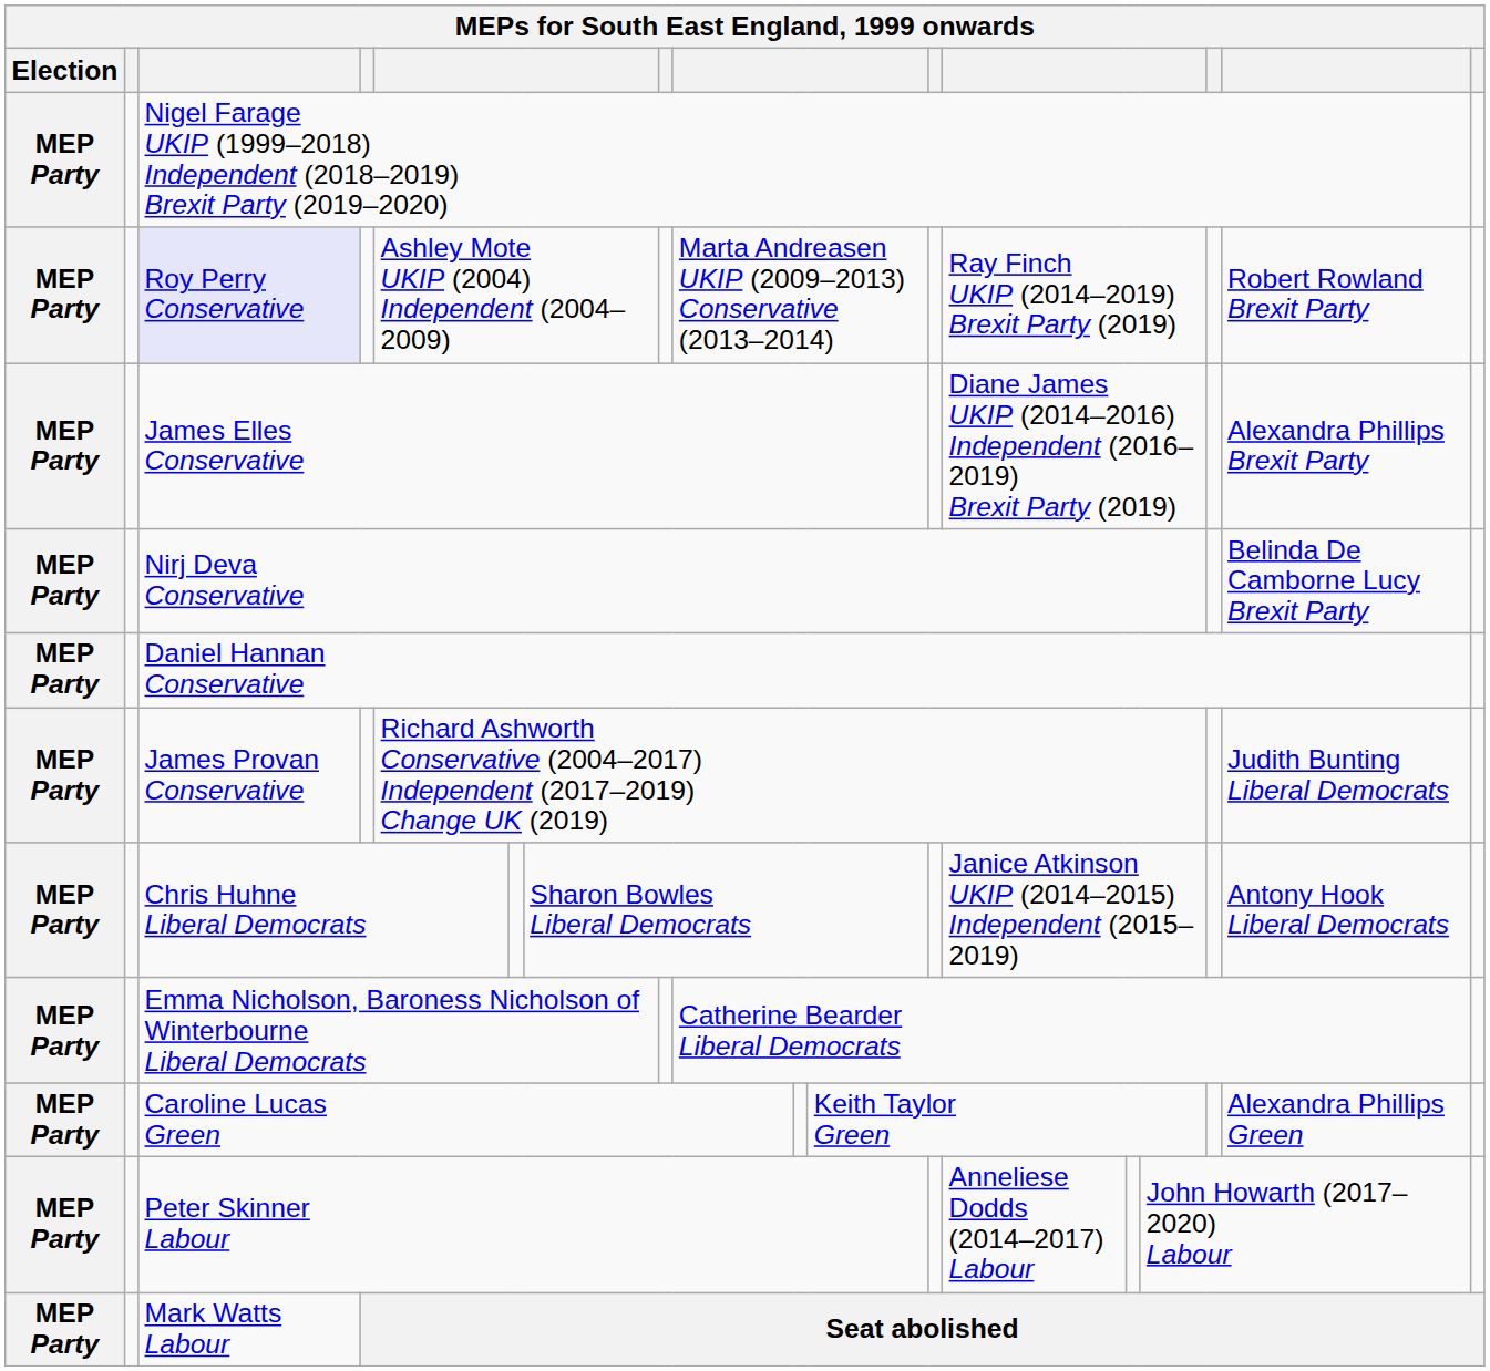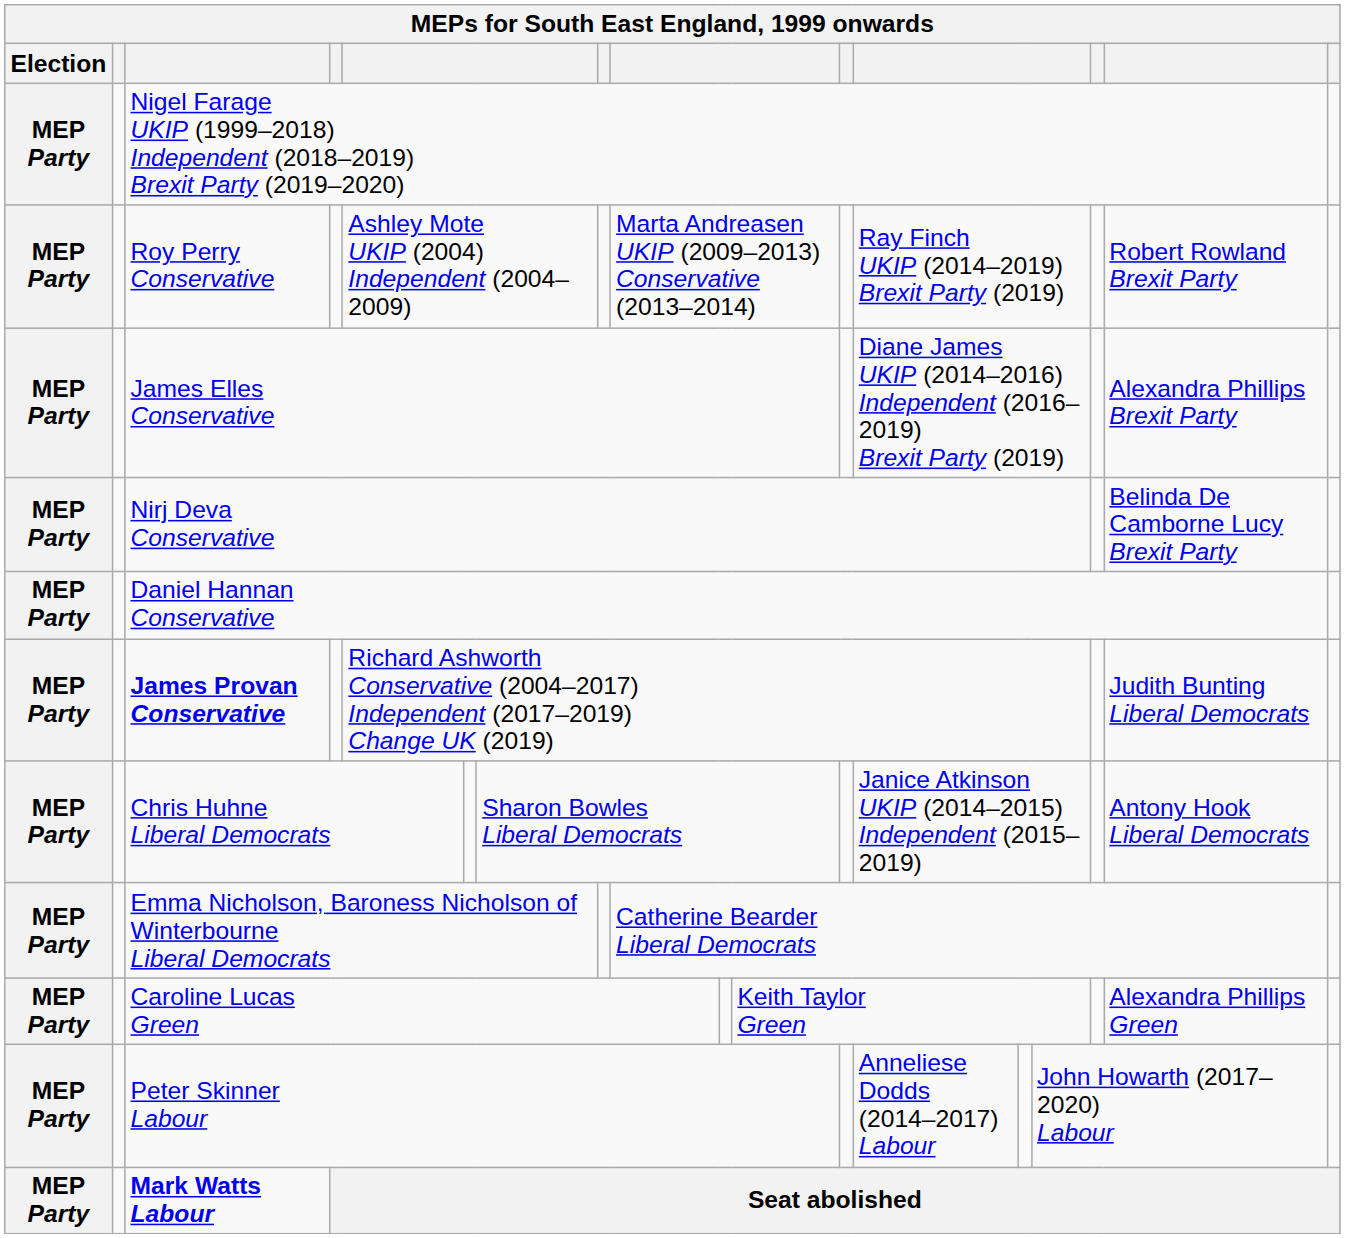 <table class="wikitable">
 <tr>
 <th colspan = 18>MEPs for South East England, 1999 onwards</th>
 </tr>
 <tr>
 <th>Election</th>
 <th style="width:1px;"></th>
 <th></th>
 <th style="width:1px;"></th>
 <th colspan="3"></th>
 <th style="width:1px;"></th>
 <th colspan="3"></th>
 <th style="width:1px;"></th>
 <th colspan="3"></th>
 <th style="width:1px;"></th>
 <th colspan="1"></th>
 <th style="width:1px;"></th>
 </tr>
 <tr>
 <th>MEP<br><em>Party</em></th>
 <td width=1px style="background-color: "></td>
 <td colspan = 15><a href='#'>Nigel Farage</a><br><em><a href='#'>UKIP</a></em> (1999–2018)<br> <em><a href='#'>Independent</a></em> (2018–2019)<br><em><a href='#'>Brexit Party</a></em> (2019–2020)</td>
 <td width=1px style="background-color: "></td>
 </tr>
 <tr>
 <th>MEP<br><em>Party</em></th>
 <td width=1px style="background-color: "></td>
-<td style="background: lavender;"><a href='#'>Roy Perry</a><br><em><a href='#'>Conservative</a></em></td>
+<td><a href='#'>Roy Perry</a><br><em><a href='#'>Conservative</a></em></td>
 <td width=1px style="background-color: "></td>
 <td colspan=3><a href='#'>Ashley Mote</a><br><em><a href='#'>UKIP</a></em> (2004) <br><em><a href='#'>Independent</a></em> (2004–2009)</td>
 <td width=1px style="background-color: "></td>
 <td colspan = 3><a href='#'>Marta Andreasen</a><br> <em><a href='#'>UKIP</a></em> (2009–2013) <br> <em><a href='#'>Conservative</a></em> (2013–2014)</td>
 <td width=1px style="background-color: "></td>
 <td colspan = 3><a href='#'>Ray Finch</a><br><em><a href='#'>UKIP</a></em> (2014–2019)<em><br><a href='#'>Brexit Party</a></em> (2019)</td>
 <td width=1px style="background-color: "></td>
 <td><a href='#'>Robert Rowland</a><br><em><a href='#'>Brexit Party</a></em></td>
 <td width=1px style="background-color: "></td>
 </tr>
 <tr>
 <th>MEP<br><em>Party</em></th>
 <td width=1px style="background-color: "></td>
 <td colspan = 9><a href='#'>James Elles</a><br><em><a href='#'>Conservative</a></em></td>
 <td width=1px style="background-color: "></td>
 <td colspan = 3><a href='#'>Diane James</a><br><em><a href='#'>UKIP</a></em> (2014–2016) <br> <em><a href='#'>Independent</a></em> (2016–2019)<br><em><a href='#'>Brexit Party</a></em> (2019)</td>
 <td width=1px style="background-color: "></td>
 <td><a href='#'>Alexandra Phillips</a><br><em><a href='#'>Brexit Party</a></em></td>
 <td width=1px style="background-color: "></td>
 </tr>
 <tr>
 <th>MEP<br><em>Party</em></th>
 <td width=1px style="background-color: "></td>
 <td colspan = 13><a href='#'>Nirj Deva</a><br><em><a href='#'>Conservative</a></em></td>
 <td width=1px style="background-color: "></td>
 <td><a href='#'>Belinda De Camborne Lucy</a><br><em><a href='#'>Brexit Party</a></em></td>
 <td width=1px style="background-color: "></td>
 </tr>
 <tr>
 <th>MEP<br><em>Party</em></th>
 <td width=1px style="background-color: "></td>
 <td colspan = 15><a href='#'>Daniel Hannan</a><br><em><a href='#'>Conservative</a></em></td>
 <td width=1px style="background-color: "></td>
 </tr>
 <tr>
 <th>MEP<br><em>Party</em></th>
 <td width=1px style="background-color: "></td>
-<td><a href='#'>James Provan</a><br><em><a href='#'>Conservative</a></em></td>
+<td><strong><a href='#'>James Provan</a><br><em><a href='#'>Conservative</a></em></strong></td>
 <td width=1px style="background-color: "></td>
 <td colspan = 11><a href='#'>Richard Ashworth</a><br><em><a href='#'>Conservative</a></em> (2004–2017) <br> <em><a href='#'>Independent</a></em> (2017–2019)<br><em><a href='#'>Change UK</a></em> (2019)</td>
 <td width=1px style="background-color: "></td>
 <td><a href='#'>Judith Bunting</a><br><em><a href='#'>Liberal Democrats</a></em></td>
 <td width=1px style="background-color: "></td>
 </tr>
 <tr>
 <th>MEP<br><em>Party</em></th>
 <td width=1px style="background-color: "></td>
 <td colspan = 3><a href='#'>Chris Huhne</a><br><em><a href='#'>Liberal Democrats</a></em></td>
 <td width=1px style="background-color: "></td>
 <td colspan = 5><a href='#'>Sharon Bowles</a><br><em><a href='#'>Liberal Democrats</a></em></td>
 <td width=1px style="background-color: "></td>
 <td colspan = 3><a href='#'>Janice Atkinson</a><br><em><a href='#'>UKIP</a></em> (2014–2015) <br> <em><a href='#'>Independent</a></em> (2015–2019)</td>
 <td width=1px style="background-color: "></td>
 <td><a href='#'>Antony Hook</a><br><em><a href='#'>Liberal Democrats</a></em></td>
 <td width=1px style="background-color: "></td>
 </tr>
 <tr>
 <th>MEP<br><em>Party</em></th>
 <td width=1px style="background-color: "></td>
 <td colspan = 5><a href='#'>Emma Nicholson, Baroness Nicholson of Winterbourne</a><br><em><a href='#'>Liberal Democrats</a></em></td>
 <td width=1px style="background-color: "></td>
 <td colspan = 9><a href='#'>Catherine Bearder</a><br><em><a href='#'>Liberal Democrats</a></em></td>
 <td width=1px style="background-color: "></td>
 </tr>
 <tr>
 <th>MEP<br><em>Party</em></th>
 <td width=1px style="background-color: "></td>
 <td colspan = 7><a href='#'>Caroline Lucas</a><br><em><a href='#'>Green</a></em></td>
 <td width=1px style="background-color: "></td>
 <td colspan = 5><a href='#'>Keith Taylor</a><br><em><a href='#'>Green</a></em></td>
 <td width=1px style="background-color: "></td>
 <td><a href='#'>Alexandra Phillips</a><br><em><a href='#'>Green</a></em></td>
 <td width=1px style="background-color: "></td>
 </tr>
 <tr>
 <th>MEP<br><em>Party</em></th>
 <td width=1px style="background-color: "></td>
 <td colspan = 9><a href='#'>Peter Skinner</a><br><em><a href='#'>Labour</a></em></td>
 <td width=1px style="background-color: "></td>
 <td colspan = 1 width=100px><a href='#'>Anneliese Dodds</a> (2014–2017)<br><em><a href='#'>Labour</a></em></td>
 <td width=1px style="background-color: "></td>
 <td colspan = 3><a href='#'>John Howarth</a> (2017–2020)<br><em><a href='#'>Labour</a></em></td>
 <td width=1px style="background-color: "></td>
 </tr>
 <tr>
 <th>MEP<br><em>Party</em></th>
 <td width=1px style="background-color: "></td>
-<td><a href='#'>Mark Watts</a><br><em><a href='#'>Labour</a></em></td>
+<td><strong><a href='#'>Mark Watts</a><br><em><a href='#'>Labour</a></em></strong></td>
 <th colspan = 15>Seat abolished</th>
 </tr>
 </table>
